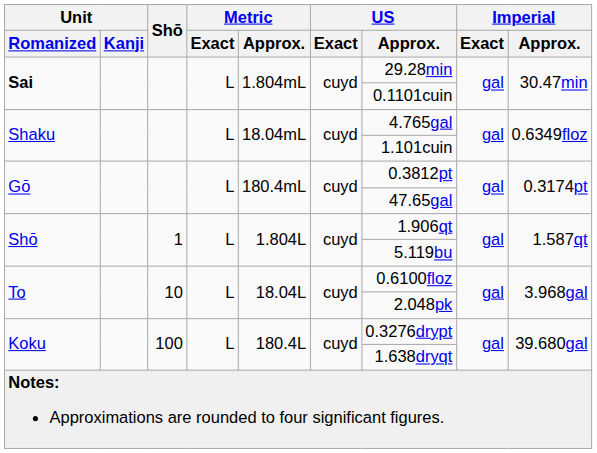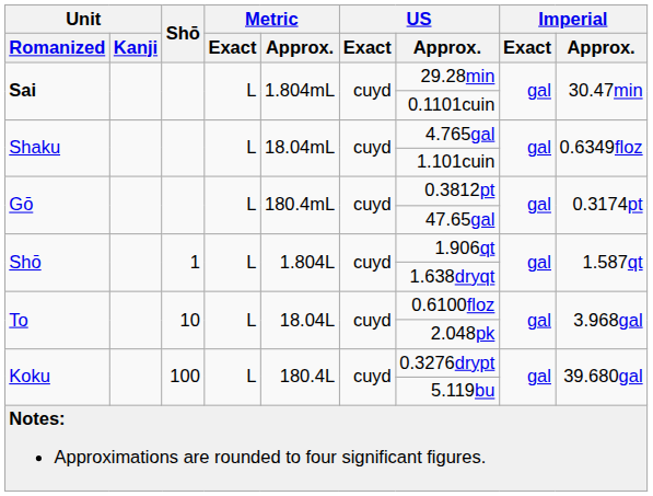 <table class="wikitable">
 <tr>
 <th colspan="2">Unit</th>
 <th rowspan="2">Shō</th>
 <th colspan="2"><a href='#'>Metric</a></th>
 <th colspan="2"><a href='#'>US</a></th>
 <th colspan="3"><a href='#'>Imperial</a></th>
 </tr>
 <tr>
 <th><a href='#'>Romanized</a></th>
 <th><a href='#'>Kanji</a></th>
 <th>Exact</th>
 <th>Approx.</th>
 <th>Exact</th>
 <th>Approx.</th>
 <th>Exact</th>
 <th>Approx.</th>
 </tr>
 <tr style="text-align: right">
 <td rowspan=2  style="text-align:left;"><strong>Sai</strong></td>
 <td rowspan=2 align="center"></td>
 <td rowspan=2 height="30pt"></td>
 <td rowspan=2>L</td>
 <td rowspan=2>1.804mL</td>
 <td rowspan=2>cuyd</td>
 <td>29.28<a href='#'>min</a></td>
 <td rowspan=2><a href='#'>gal</a></td>
 <td rowspan=2>30.47<a href='#'>min</a></td>
 </tr>
 <tr style="text-align: right">
 <td>0.1101cuin</td>
 </tr>
 <tr style="text-align: right">
 <td rowspan=2  style="text-align:left;"><a href='#'>Shaku</a></td>
 <td rowspan=2 align="center"></td>
 <td rowspan=2 height="30pt"></td>
 <td rowspan=2>L</td>
 <td rowspan=2>18.04mL</td>
 <td rowspan=2>cuyd</td>
 <td>4.765<a href='#'>gal</a></td>
 <td rowspan=2><a href='#'>gal</a></td>
 <td rowspan=2>0.6349<a href='#'>floz</a></td>
 </tr>
 <tr style="text-align: right">
 <td>1.101cuin</td>
 </tr>
 <tr style="text-align: right">
 <td rowspan=2  style="text-align:left;"><a href='#'>Gō</a></td>
 <td rowspan=2 align="center"></td>
 <td rowspan=2 height="30pt"></td>
 <td rowspan=2>L</td>
 <td rowspan=2>180.4mL</td>
 <td rowspan=2>cuyd</td>
 <td>0.3812<a href='#'>pt</a></td>
 <td rowspan=2><a href='#'>gal</a></td>
 <td rowspan=2>0.3174<a href='#'>pt</a></td>
 </tr>
 <tr style="text-align: right">
 <td>47.65<a href='#'>gal</a></td>
 </tr>
 <tr style="text-align: right">
 <td rowspan=2  style="text-align:left;"><a href='#'>Shō</a></td>
 <td rowspan=2 align="center"></td>
 <td rowspan=2>1</td>
 <td rowspan=2>L</td>
 <td rowspan=2>1.804L</td>
 <td rowspan=2>cuyd</td>
 <td>1.906<a href='#'>qt</a></td>
 <td rowspan=2><a href='#'>gal</a></td>
 <td rowspan=2>1.587<a href='#'>qt</a></td>
 </tr>
 <tr style="text-align: right">
-<td>5.119<a href='#'>bu</a></td>
+<td>1.638<a href='#'>dryqt</a></td>
 </tr>
 <tr style="text-align: right">
 <td rowspan=2 style="text-align:left;"><a href='#'>To</a></td>
 <td rowspan=2 align="center"></td>
 <td rowspan=2>10</td>
 <td rowspan=2>L</td>
 <td rowspan=2>18.04L</td>
 <td rowspan=2>cuyd</td>
 <td>0.6100<a href='#'>floz</a></td>
 <td rowspan=2><a href='#'>gal</a></td>
 <td rowspan=2>3.968<a href='#'>gal</a></td>
 </tr>
 <tr style="text-align: right">
 <td>2.048<a href='#'>pk</a></td>
 </tr>
 <tr style="text-align: right">
 <td rowspan=2 style="text-align:left;"><a href='#'>Koku</a></td>
 <td rowspan=2 align="center"></td>
 <td rowspan=2>100</td>
 <td rowspan=2>L</td>
 <td rowspan=2>180.4L</td>
 <td rowspan=2>cuyd</td>
 <td>0.3276<a href='#'>drypt</a></td>
 <td rowspan=2><a href='#'>gal</a></td>
 <td rowspan=2>39.680<a href='#'>gal</a></td>
 </tr>
 <tr style="text-align: right">
-<td>1.638<a href='#'>dryqt</a></td>
+<td>5.119<a href='#'>bu</a></td>
 </tr>
 <tr>
 <td colspan="13" bgcolor=#F0F0F0><strong>Notes:</strong><br><ul><li>Approximations are rounded to four significant figures.</li></ul></td>
 </tr>
 </table>
